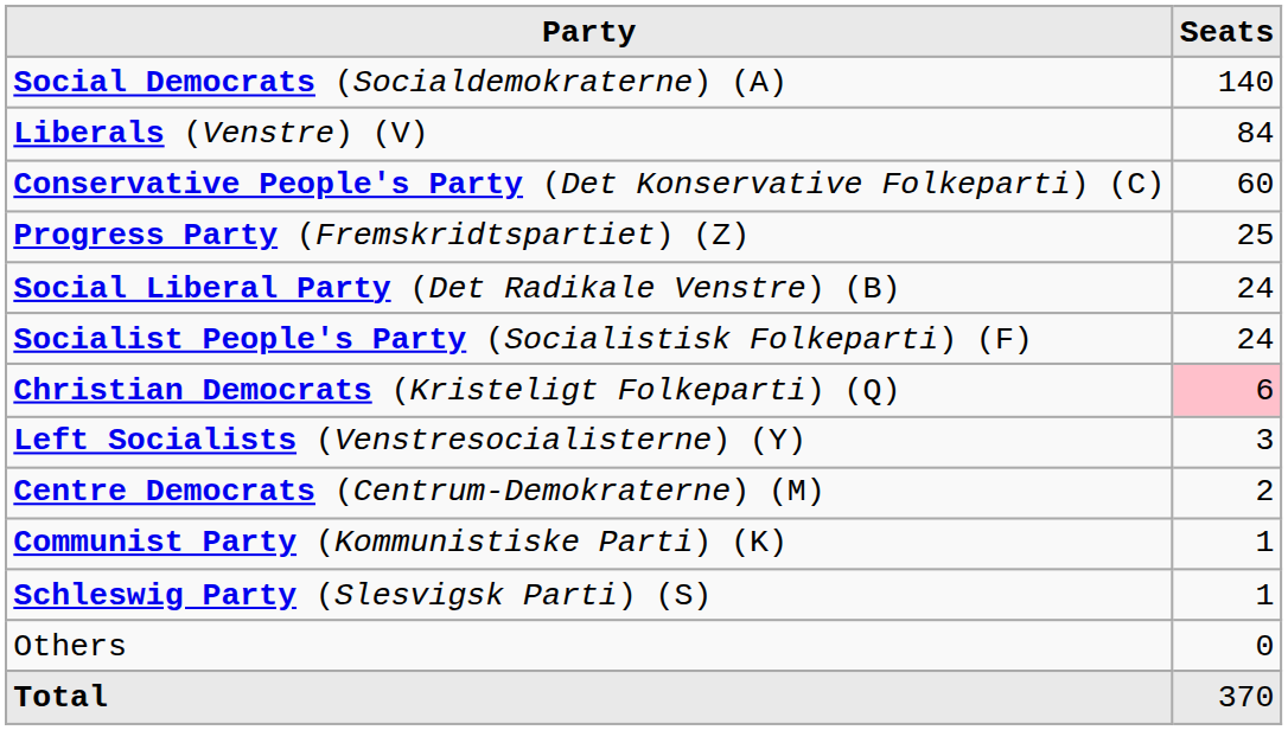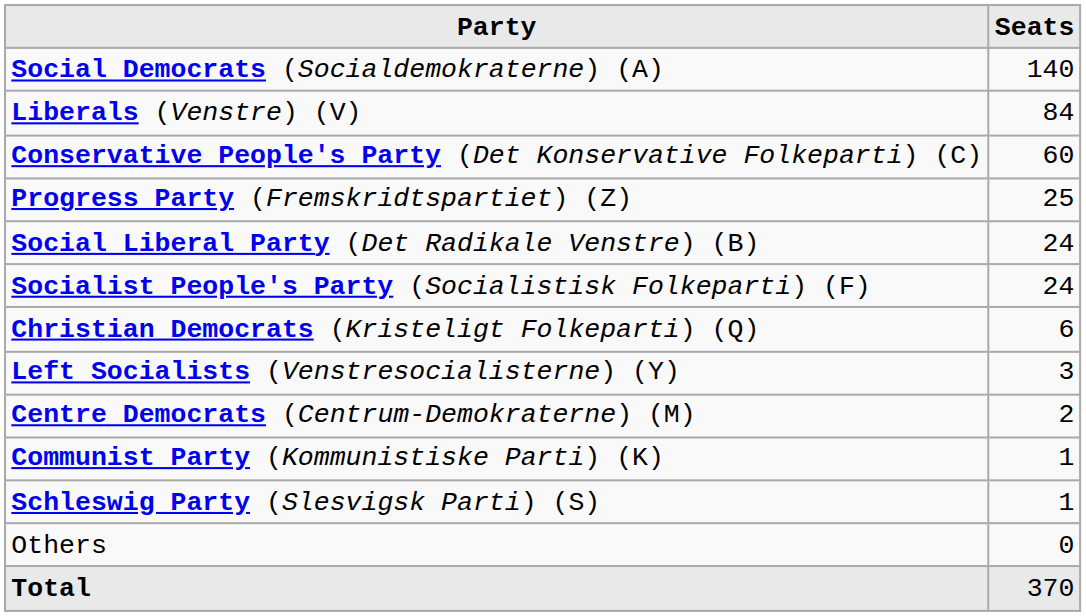 <table class="wikitable">
 <tr>
 <th style="background-color:#E9E9E9">Party</th>
 <th style="background-color:#E9E9E9">Seats</th>
 </tr>
 <tr>
 <td><strong><a href='#'>Social Democrats</a></strong> (<em>Socialdemokraterne</em>) (A)</td>
 <td align="right">140</td>
 </tr>
 <tr>
 <td><strong><a href='#'>Liberals</a></strong> (<em>Venstre</em>) (V)</td>
 <td align="right">84</td>
 </tr>
 <tr>
 <td><strong><a href='#'>Conservative People's Party</a></strong> (<em>Det Konservative Folkeparti</em>) (C)</td>
 <td align="right">60</td>
 </tr>
 <tr>
 <td><strong><a href='#'>Progress Party</a></strong> (<em>Fremskridtspartiet</em>) (Z)</td>
 <td align="right">25</td>
 </tr>
 <tr>
 <td><strong><a href='#'>Social Liberal Party</a></strong> (<em>Det Radikale Venstre</em>) (B)</td>
 <td align="right">24</td>
 </tr>
 <tr>
 <td><strong><a href='#'>Socialist People's Party</a></strong> (<em>Socialistisk Folkeparti</em>) (F)</td>
 <td align="right">24</td>
 </tr>
 <tr>
 <td><strong><a href='#'>Christian Democrats</a></strong> (<em>Kristeligt Folkeparti</em>) (Q)</td>
-<td align="right" style="background: pink;">6</td>
+<td align="right">6</td>
 </tr>
 <tr>
 <td><strong><a href='#'>Left Socialists</a></strong> (<em>Venstresocialisterne</em>) (Y)</td>
 <td align="right">3</td>
 </tr>
 <tr>
 <td><strong><a href='#'>Centre Democrats</a></strong> (<em>Centrum-Demokraterne</em>) (M)</td>
 <td align="right">2</td>
 </tr>
 <tr>
 <td><strong><a href='#'>Communist Party</a></strong> (<em>Kommunistiske Parti</em>) (K)</td>
 <td align="right">1</td>
 </tr>
 <tr>
 <td><strong><a href='#'>Schleswig Party</a></strong> (<em>Slesvigsk Parti</em>) (S)</td>
 <td align="right">1</td>
 </tr>
 <tr>
 <td>Others</td>
 <td align="right">0</td>
 </tr>
 <tr>
 <td style="background-color:#E9E9E9"><strong>Total</strong></td>
 <td align="right" style="background-color:#E9E9E9">370</td>
 </tr>
 </table>
